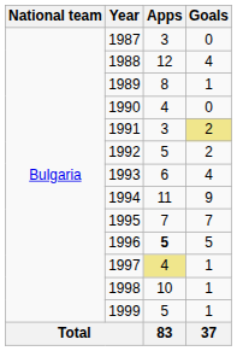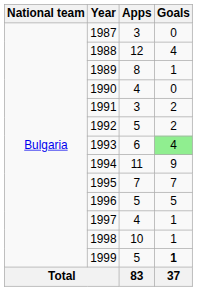 <table class="wikitable" style="text-align:center">
 <tr>
 <th>National team</th>
 <th>Year</th>
 <th>Apps</th>
 <th>Goals</th>
 </tr>
 <tr>
 <td rowspan="13"><a href='#'>Bulgaria</a></td>
 <td>1987</td>
 <td>3</td>
 <td>0</td>
 </tr>
 <tr>
 <td>1988</td>
 <td>12</td>
 <td>4</td>
 </tr>
 <tr>
 <td>1989</td>
 <td>8</td>
 <td>1</td>
 </tr>
 <tr>
 <td>1990</td>
 <td>4</td>
 <td>0</td>
 </tr>
 <tr>
 <td>1991</td>
 <td>3</td>
-<td style="background: khaki;">2</td>
+<td>2</td>
 </tr>
 <tr>
 <td>1992</td>
 <td>5</td>
 <td>2</td>
 </tr>
 <tr>
 <td>1993</td>
 <td>6</td>
-<td>4</td>
+<td style="background: lightgreen;">4</td>
 </tr>
 <tr>
 <td>1994</td>
 <td>11</td>
 <td>9</td>
 </tr>
 <tr>
 <td>1995</td>
 <td>7</td>
 <td>7</td>
 </tr>
 <tr>
 <td>1996</td>
-<td><strong>5</strong></td>
+<td>5</td>
 <td>5</td>
 </tr>
 <tr>
 <td>1997</td>
-<td style="background: khaki;">4</td>
+<td>4</td>
 <td>1</td>
 </tr>
 <tr>
 <td>1998</td>
 <td>10</td>
 <td>1</td>
 </tr>
 <tr>
 <td>1999</td>
 <td>5</td>
-<td>1</td>
+<td><strong>1</strong></td>
 </tr>
 <tr>
 <th colspan="2">Total</th>
 <th>83</th>
 <th>37</th>
 </tr>
 </table>
